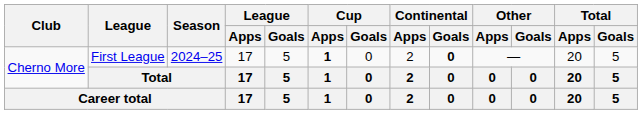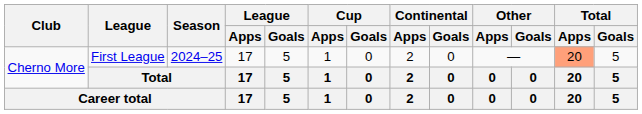 <table class="wikitable" style="font-size:90%; text-align: center">
 <tr>
 <th rowspan=2>Club</th>
 <th rowspan=2>League</th>
 <th rowspan=2>Season</th>
 <th colspan=2>League</th>
 <th colspan=2>Cup</th>
 <th colspan=2>Continental</th>
 <th colspan=2>Other</th>
 <th colspan=2>Total</th>
 </tr>
 <tr>
 <th>Apps</th>
 <th>Goals</th>
 <th>Apps</th>
 <th>Goals</th>
 <th>Apps</th>
 <th>Goals</th>
 <th>Apps</th>
 <th>Goals</th>
 <th>Apps</th>
 <th>Goals</th>
 </tr>
 <tr>
 <td rowspan=2 valign="center"><a href='#'>Cherno More</a></td>
 <td rowspan="1"><a href='#'>First League</a></td>
 <td><a href='#'>2024–25</a></td>
 <td>17</td>
 <td>5</td>
-<td><strong>1</strong></td>
+<td>1</td>
 <td>0</td>
 <td>2</td>
-<td><strong>0</strong></td>
+<td>0</td>
 <td colspan="2">—</td>
-<td>20</td>
+<td style="background: lightsalmon;">20</td>
 <td>5</td>
 </tr>
 <tr>
 <th colspan=2>Total</th>
 <th>17</th>
 <th>5</th>
 <th>1</th>
 <th>0</th>
 <th>2</th>
 <th>0</th>
 <th>0</th>
 <th>0</th>
 <th>20</th>
 <th>5</th>
 </tr>
 <tr>
 <th colspan=3>Career total</th>
 <th>17</th>
 <th>5</th>
 <th>1</th>
 <th>0</th>
 <th>2</th>
 <th>0</th>
 <th>0</th>
 <th>0</th>
 <th>20</th>
 <th>5</th>
 </tr>
 </table>
